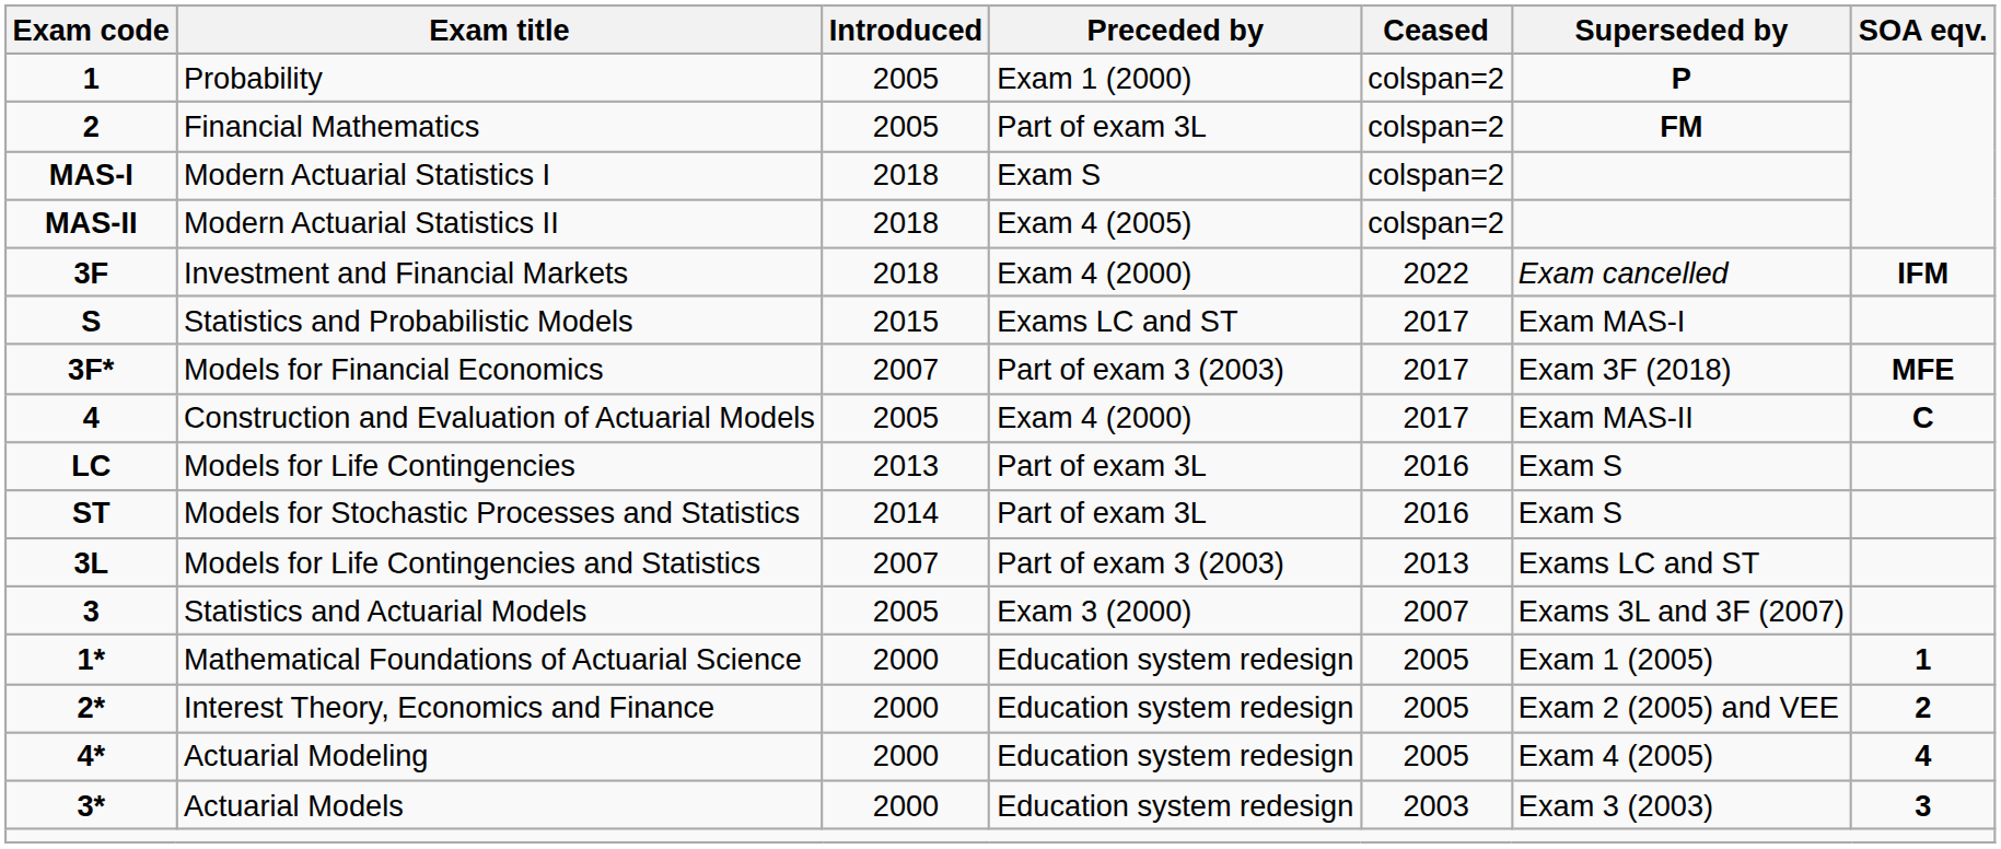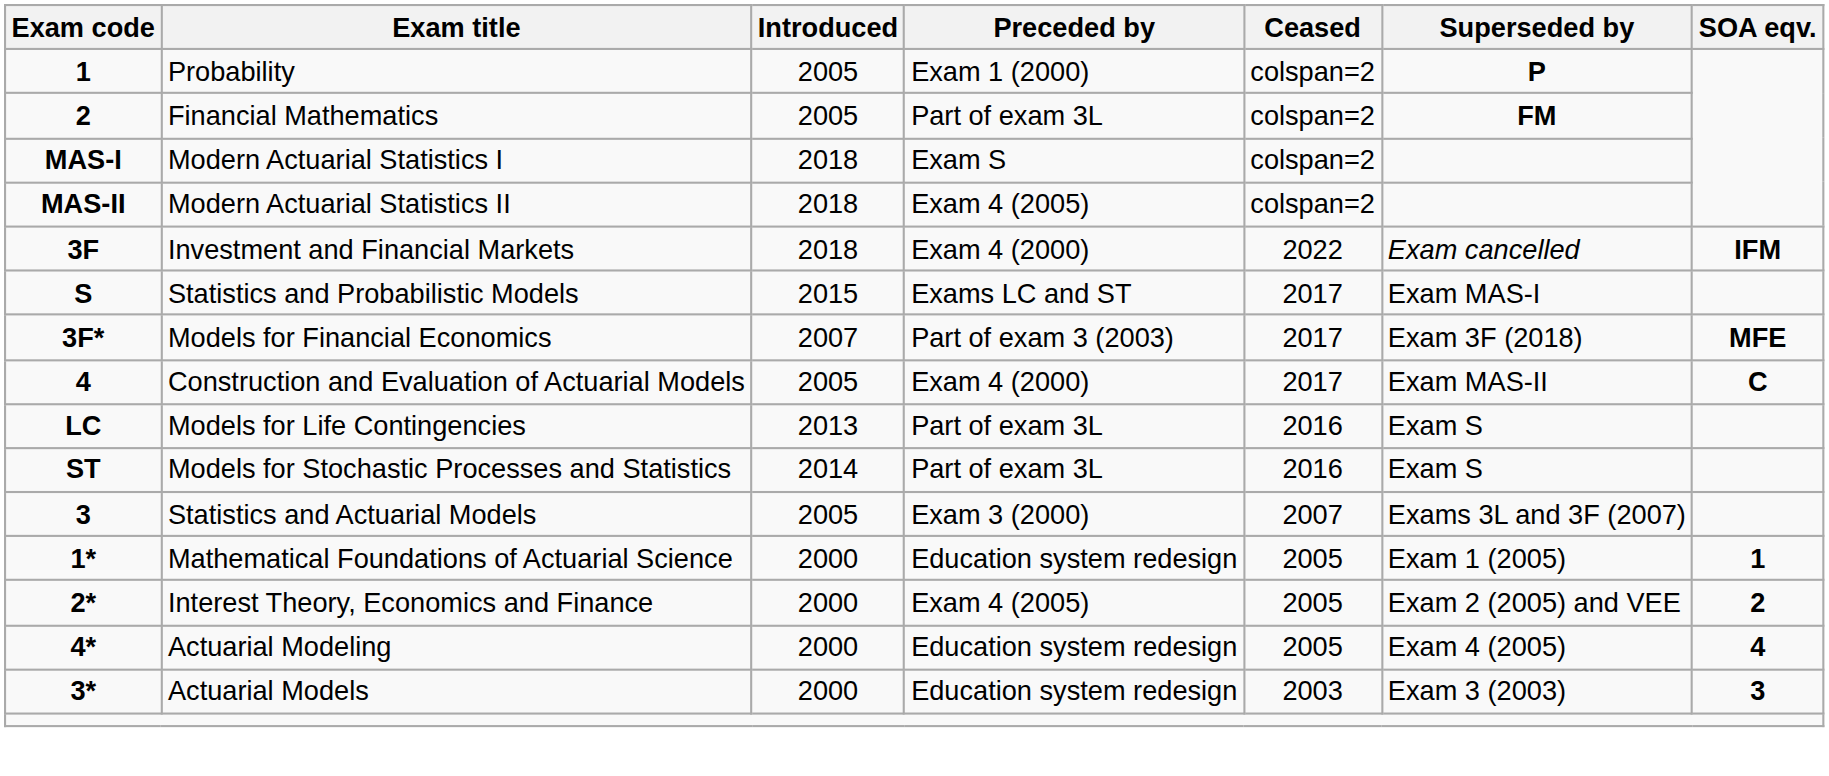 <table class=wikitable style="text-align:center;font-size:small">
 <tr>
 <th>Exam code</th>
 <th>Exam title</th>
 <th>Introduced</th>
 <th>Preceded by</th>
 <th>Ceased</th>
 <th>Superseded by</th>
 <th>SOA eqv.</th>
 </tr>
 <tr>
 <td><strong>1</strong></td>
 <td align=left>Probability</td>
 <td>2005</td>
 <td align=left>Exam 1 (2000)</td>
 <td>colspan=2 </td>
 <td><strong>P</strong></td>
 </tr>
 <tr>
 <td><strong>2</strong></td>
 <td align=left>Financial Mathematics</td>
 <td>2005</td>
 <td align=left>Part of exam 3L</td>
 <td>colspan=2 </td>
 <td><strong>FM</strong></td>
 </tr>
 <tr>
 <td><strong>MAS-I</strong></td>
 <td align=left>Modern Actuarial Statistics I</td>
 <td>2018</td>
 <td align=left>Exam S</td>
 <td>colspan=2 </td>
 <td></td>
 </tr>
 <tr>
 <td><strong>MAS-II</strong></td>
 <td align=left>Modern Actuarial Statistics II</td>
 <td>2018</td>
 <td align=left>Exam 4 (2005)</td>
 <td>colspan=2 </td>
 <td></td>
 </tr>
 <tr>
 <td><strong>3F</strong></td>
 <td align=left>Investment and Financial Markets</td>
 <td>2018</td>
 <td align=left>Exam 4 (2000)</td>
 <td>2022</td>
 <td align=left><em>Exam cancelled</em></td>
 <td><strong>IFM</strong></td>
 </tr>
 <tr>
 <td><strong>S</strong></td>
 <td align=left>Statistics and Probabilistic Models</td>
 <td>2015</td>
 <td align=left>Exams LC and ST</td>
 <td>2017</td>
 <td align=left>Exam MAS-I</td>
 <td></td>
 </tr>
 <tr>
 <td><strong>3F*</strong></td>
 <td align=left>Models for Financial Economics</td>
 <td>2007</td>
 <td align=left>Part of exam 3 (2003)</td>
 <td>2017</td>
 <td align=left>Exam 3F (2018)</td>
 <td><strong>MFE</strong></td>
 </tr>
 <tr>
 <td><strong>4</strong></td>
 <td align=left>Construction and Evaluation of Actuarial Models</td>
 <td>2005</td>
 <td align=left>Exam 4 (2000)</td>
 <td>2017</td>
 <td align=left>Exam MAS-II</td>
 <td><strong>C</strong></td>
 </tr>
 <tr>
 <td><strong>LC</strong></td>
 <td align=left>Models for Life Contingencies</td>
 <td>2013</td>
 <td align=left>Part of exam 3L</td>
 <td>2016</td>
 <td align=left>Exam S</td>
 <td></td>
 </tr>
 <tr>
 <td><strong>ST</strong></td>
 <td align=left>Models for Stochastic Processes and Statistics</td>
 <td>2014</td>
 <td align=left>Part of exam 3L</td>
 <td>2016</td>
 <td align=left>Exam S</td>
 <td></td>
 </tr>
 <tr>
-<td><strong>3L</strong></td>
-<td align=left>Models for Life Contingencies and Statistics</td>
-<td>2007</td>
-<td align=left>Part of exam 3 (2003)</td>
-<td>2013</td>
-<td align=left>Exams LC and ST</td>
-<td></td>
-</tr>
-<tr>
 <td><strong>3</strong></td>
 <td align=left>Statistics and Actuarial Models</td>
 <td>2005</td>
 <td align=left>Exam 3 (2000)</td>
 <td>2007</td>
 <td align=left>Exams 3L and 3F (2007)</td>
 <td></td>
 </tr>
 <tr>
 <td><strong>1*</strong></td>
 <td align=left>Mathematical Foundations of Actuarial Science</td>
 <td>2000</td>
 <td align=left>Education system redesign</td>
 <td>2005</td>
 <td align=left>Exam 1 (2005)</td>
 <td><strong>1</strong></td>
 </tr>
 <tr>
 <td><strong>2*</strong></td>
 <td align=left>Interest Theory, Economics and Finance</td>
 <td>2000</td>
-<td align=left>Education system redesign</td>
+<td align=left>Exam 4 (2005)</td>
 <td>2005</td>
 <td align=left>Exam 2 (2005) and VEE</td>
 <td><strong>2</strong></td>
 </tr>
 <tr>
 <td><strong>4*</strong></td>
 <td align=left>Actuarial Modeling</td>
 <td>2000</td>
 <td align=left>Education system redesign</td>
 <td>2005</td>
 <td align=left>Exam 4 (2005)</td>
 <td><strong>4</strong></td>
 </tr>
 <tr>
 <td><strong>3*</strong></td>
 <td align=left>Actuarial Models</td>
 <td>2000</td>
 <td align=left>Education system redesign</td>
 <td>2003</td>
 <td align=left>Exam 3 (2003)</td>
 <td><strong>3</strong></td>
 </tr>
 <tr>
 <td colspan=7 align=left></td>
 </tr>
 </table>
